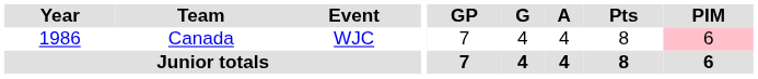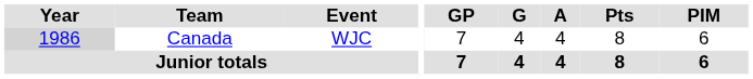 <table border="0" cellpadding="1" cellspacing="0" ID="Table3" style="text-align:center; width:40em">
 <tr bgcolor="#e0e0e0">
 <th>Year</th>
 <th>Team</th>
 <th>Event</th>
 <th rowspan="102" bgcolor="#ffffff"></th>
 <th>GP</th>
 <th>G</th>
 <th>A</th>
 <th>Pts</th>
 <th>PIM</th>
 </tr>
 <tr>
-<td><a href='#'>1986</a></td>
+<td style="background: lightgrey;"><a href='#'>1986</a></td>
 <td><a href='#'>Canada</a></td>
 <td><a href='#'>WJC</a></td>
 <td>7</td>
 <td>4</td>
 <td>4</td>
 <td>8</td>
-<td style="background: pink;">6</td>
+<td>6</td>
 </tr>
 <tr bgcolor="#e0e0e0">
 <th colspan="3">Junior totals</th>
 <th>7</th>
 <th>4</th>
 <th>4</th>
 <th>8</th>
 <th>6</th>
 </tr>
 </table>
